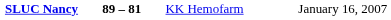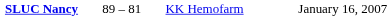 <table style="text-align:center">
 <tr>
 <th width=160></th>
 <th width=100></th>
 <th width=160></th>
 <th width=200></th>
 </tr>
 <tr>
 <td align=right><strong><a href='#'>SLUC Nancy</a></strong> </td>
-<td><strong>89 – 81</strong></td>
+<td>89 – 81</td>
 <td align=left> <a href='#'>KK Hemofarm</a></td>
 <td align=left>January 16, 2007</td>
 </tr>
 </table>
